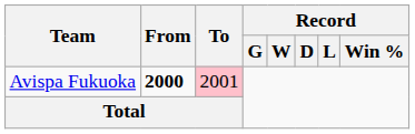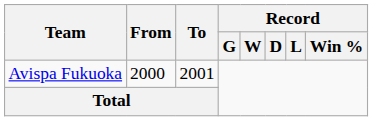 <table class="wikitable" style="text-align: center">
 <tr>
 <th rowspan="2">Team</th>
 <th rowspan="2">From</th>
 <th rowspan="2">To</th>
 <th colspan="5">Record</th>
 </tr>
 <tr>
 <th>G</th>
 <th>W</th>
 <th>D</th>
 <th>L</th>
 <th>Win %</th>
 </tr>
 <tr>
 <td align="left"><a href='#'>Avispa Fukuoka</a></td>
-<td align="left"><strong>2000</strong></td>
-<td align="left" style="background: pink;">2001<br></td>
+<td align="left">2000</td>
+<td align="left">2001<br></td>
 </tr>
 <tr>
 <th colspan="3">Total<br></th>
 </tr>
 </table>
